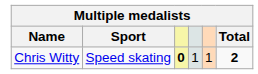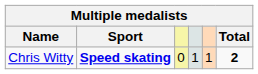 <table class=wikitable style=font-size:85%;float:right;text-align:center>
 <tr>
 <th colspan=7>Multiple medalists</th>
 </tr>
 <tr>
 <th>Name</th>
 <th>Sport</th>
 <td bgcolor=F7F6A8></td>
 <td bgcolor=DCE5E5></td>
 <td bgcolor=FFDAB9></td>
 <th>Total</th>
 </tr>
 <tr>
 <td><a href='#'>Chris Witty</a></td>
-<td><a href='#'>Speed skating</a></td>
-<td bgcolor=F7F6A8><strong>0</strong></td>
+<td><strong><a href='#'>Speed skating</a></strong></td>
+<td bgcolor=F7F6A8>0</td>
 <td bgcolor=DCE5E5>1</td>
 <td bgcolor=FFDAB9>1</td>
 <td><strong>2</strong></td>
 </tr>
 </table>
